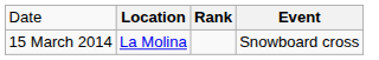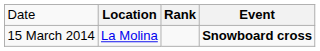 <table class="wikitable sortable" style="font-size:90%" style="text-align:center">
 <tr>
 <td>Date</td>
 <th>Location</th>
 <th>Rank</th>
 <th>Event</th>
 </tr>
 <tr>
 <td>15 March 2014</td>
 <td><a href='#'>La Molina</a></td>
 <td></td>
-<td>Snowboard cross</td>
+<td><strong>Snowboard cross</strong></td>
 </tr>
 </table>
